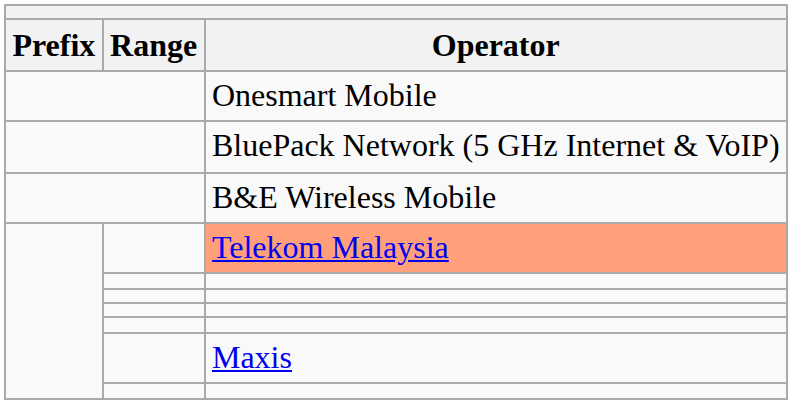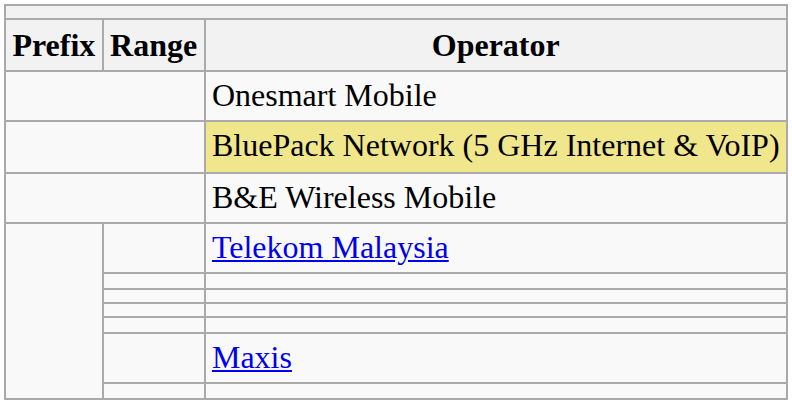 <table class="wikitable">
 <tr>
 <th colspan="3"></th>
 </tr>
 <tr>
 <th>Prefix</th>
 <th>Range</th>
 <th>Operator</th>
 </tr>
 <tr>
 <td colspan="2"></td>
 <td>Onesmart Mobile</td>
 </tr>
 <tr>
 <td colspan="2"></td>
-<td>BluePack Network (5 GHz Internet & VoIP)</td>
+<td style="background: khaki;">BluePack Network (5 GHz Internet & VoIP)</td>
 </tr>
 <tr>
 <td colspan="2"></td>
 <td>B&E Wireless Mobile</td>
 </tr>
 <tr>
 <td rowspan="7"></td>
 <td></td>
-<td style="background: lightsalmon;"><a href='#'>Telekom Malaysia</a></td>
+<td><a href='#'>Telekom Malaysia</a></td>
 </tr>
 <tr>
 <td></td>
 <td></td>
 </tr>
 <tr>
 <td></td>
 <td></td>
 </tr>
 <tr>
 <td></td>
 <td></td>
 </tr>
 <tr>
 <td></td>
 <td></td>
 </tr>
 <tr>
 <td></td>
 <td><a href='#'>Maxis</a></td>
 </tr>
 <tr>
 <td></td>
 <td></td>
 </tr>
 <tr>
 </tr>
 </table>
